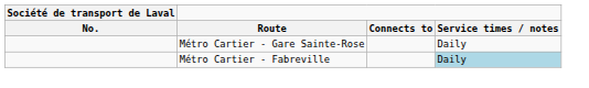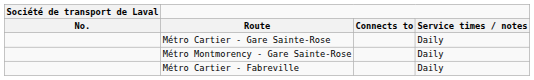 <table class="wikitable">
 <tr>
 <th style="background: #">Société de transport de Laval</th>
 </tr>
 <tr>
 <th>No.</th>
 <th>Route</th>
 <th>Connects to</th>
 <th>Service times / notes</th>
 </tr>
 <tr>
 <td></td>
 <td>Métro Cartier - Gare Sainte-Rose</td>
 <td></td>
 <td>Daily</td>
 </tr>
 <tr>
 <td></td>
+<td>Métro Montmorency - Gare Sainte-Rose</td>
+<td></td>
+<td>Daily</td>
+</tr>
+<tr>
+<td></td>
 <td>Métro Cartier - Fabreville</td>
 <td></td>
-<td style="background: lightblue;">Daily</td>
+<td>Daily</td>
 </tr>
 </table>
